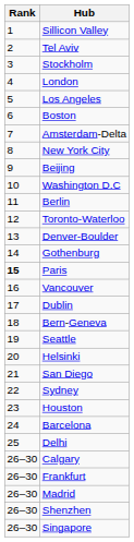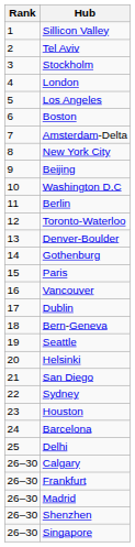 <table class="wikitable">
 <tr>
 <th>Rank</th>
 <th>Hub</th>
 </tr>
 <tr>
 <td>1</td>
 <td><a href='#'>Sillicon Valley</a></td>
 </tr>
 <tr>
 <td>2</td>
 <td><a href='#'>Tel Aviv</a></td>
 </tr>
 <tr>
 <td>3</td>
 <td><a href='#'>Stockholm</a></td>
 </tr>
 <tr>
 <td>4</td>
 <td><a href='#'>London</a></td>
 </tr>
 <tr>
 <td>5</td>
 <td><a href='#'>Los Angeles</a></td>
 </tr>
 <tr>
 <td>6</td>
 <td><a href='#'>Boston</a></td>
 </tr>
 <tr>
 <td>7</td>
 <td><a href='#'>Amsterdam</a>-Delta</td>
 </tr>
 <tr>
 <td>8</td>
 <td><a href='#'>New York City</a></td>
 </tr>
 <tr>
 <td>9</td>
 <td><a href='#'>Beijing</a></td>
 </tr>
 <tr>
 <td>10</td>
 <td><a href='#'>Washington D.C</a></td>
 </tr>
 <tr>
 <td>11</td>
 <td><a href='#'>Berlin</a></td>
 </tr>
 <tr>
 <td>12</td>
 <td><a href='#'>Toronto-Waterloo</a></td>
 </tr>
 <tr>
 <td>13</td>
 <td><a href='#'>Denver-Boulder</a></td>
 </tr>
 <tr>
 <td>14</td>
 <td><a href='#'>Gothenburg</a></td>
 </tr>
 <tr>
-<td><strong>15</strong></td>
+<td>15</td>
 <td><a href='#'>Paris</a></td>
 </tr>
 <tr>
 <td>16</td>
 <td><a href='#'>Vancouver</a></td>
 </tr>
 <tr>
 <td>17</td>
 <td><a href='#'>Dublin</a></td>
 </tr>
 <tr>
 <td>18</td>
 <td><a href='#'>Bern</a>-<a href='#'>Geneva</a></td>
 </tr>
 <tr>
 <td>19</td>
 <td><a href='#'>Seattle</a></td>
 </tr>
 <tr>
 <td>20</td>
 <td><a href='#'>Helsinki</a></td>
 </tr>
 <tr>
 <td>21</td>
 <td><a href='#'>San Diego</a></td>
 </tr>
 <tr>
 <td>22</td>
 <td><a href='#'>Sydney</a></td>
 </tr>
 <tr>
 <td>23</td>
 <td><a href='#'>Houston</a></td>
 </tr>
 <tr>
 <td>24</td>
 <td><a href='#'>Barcelona</a></td>
 </tr>
 <tr>
 <td>25</td>
 <td><a href='#'>Delhi</a></td>
 </tr>
 <tr>
 <td>26–30</td>
 <td><a href='#'>Calgary</a></td>
 </tr>
 <tr>
 <td>26–30</td>
 <td><a href='#'>Frankfurt</a></td>
 </tr>
 <tr>
 <td>26–30</td>
 <td><a href='#'>Madrid</a></td>
 </tr>
 <tr>
 <td>26–30</td>
 <td><a href='#'>Shenzhen</a></td>
 </tr>
 <tr>
 <td>26–30</td>
 <td><a href='#'>Singapore</a></td>
 </tr>
 </table>
